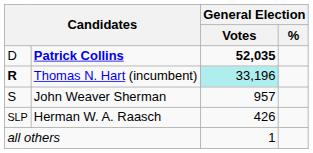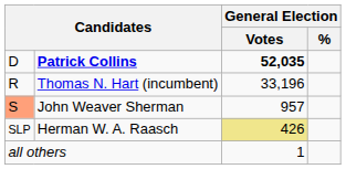 <table class=wikitable>
 <tr>
 <th colspan=2 rowspan=2><strong>Candidates</strong></th>
 <th colspan=2><strong>General Election</strong></th>
 </tr>
 <tr>
 <th>Votes</th>
 <th>%</th>
 </tr>
 <tr>
 <td>D</td>
 <td><strong><a href='#'>Patrick Collins</a></strong></td>
 <td align="right"><strong>52,035</strong></td>
 <td align="right"><strong></strong></td>
 </tr>
 <tr>
-<td><strong>R</strong></td>
+<td>R</td>
 <td><a href='#'>Thomas N. Hart</a> (incumbent)</td>
-<td align="right" style="background: paleturquoise;">33,196</td>
+<td align="right">33,196</td>
 <td align="right"></td>
 </tr>
 <tr>
-<td>S</td>
+<td style="background: lightsalmon;">S</td>
 <td>John Weaver Sherman</td>
 <td align="right">957</td>
 <td align="right"></td>
 </tr>
 <tr>
 <td><small>SLP</small></td>
 <td>Herman W. A. Raasch</td>
-<td align="right">426</td>
+<td align="right" style="background: khaki;">426</td>
 <td align="right"></td>
 </tr>
 <tr>
 <td colspan=2><em>all others</em></td>
 <td align="right">1</td>
 <td align="right"></td>
 </tr>
 </table>
